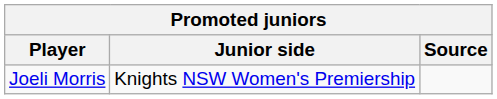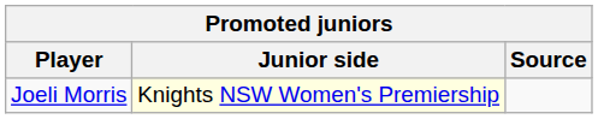 <table class="wikitable sortable" style="text-align: center; font-size:90%">
 <tr>
 <th colspan="3">Promoted juniors</th>
 </tr>
 <tr style="background:#efefef;">
 <th>Player</th>
 <th>Junior side</th>
 <th>Source</th>
 </tr>
 <tr>
 <td><a href='#'>Joeli Morris</a></td>
-<td>Knights <a href='#'>NSW Women's Premiership</a></td>
+<td style="background: lightyellow;">Knights <a href='#'>NSW Women's Premiership</a></td>
 <td></td>
 </tr>
 </table>
